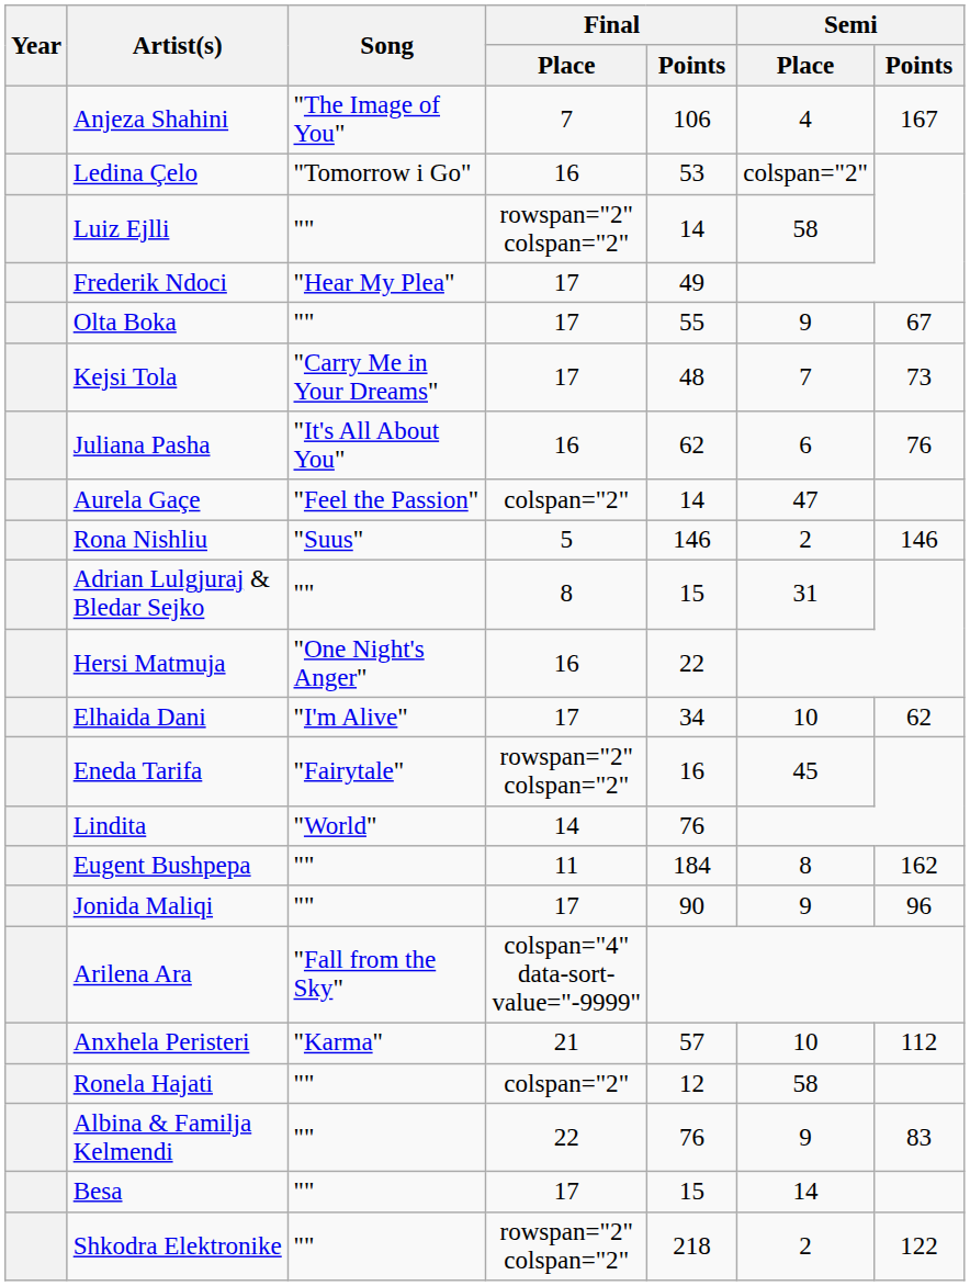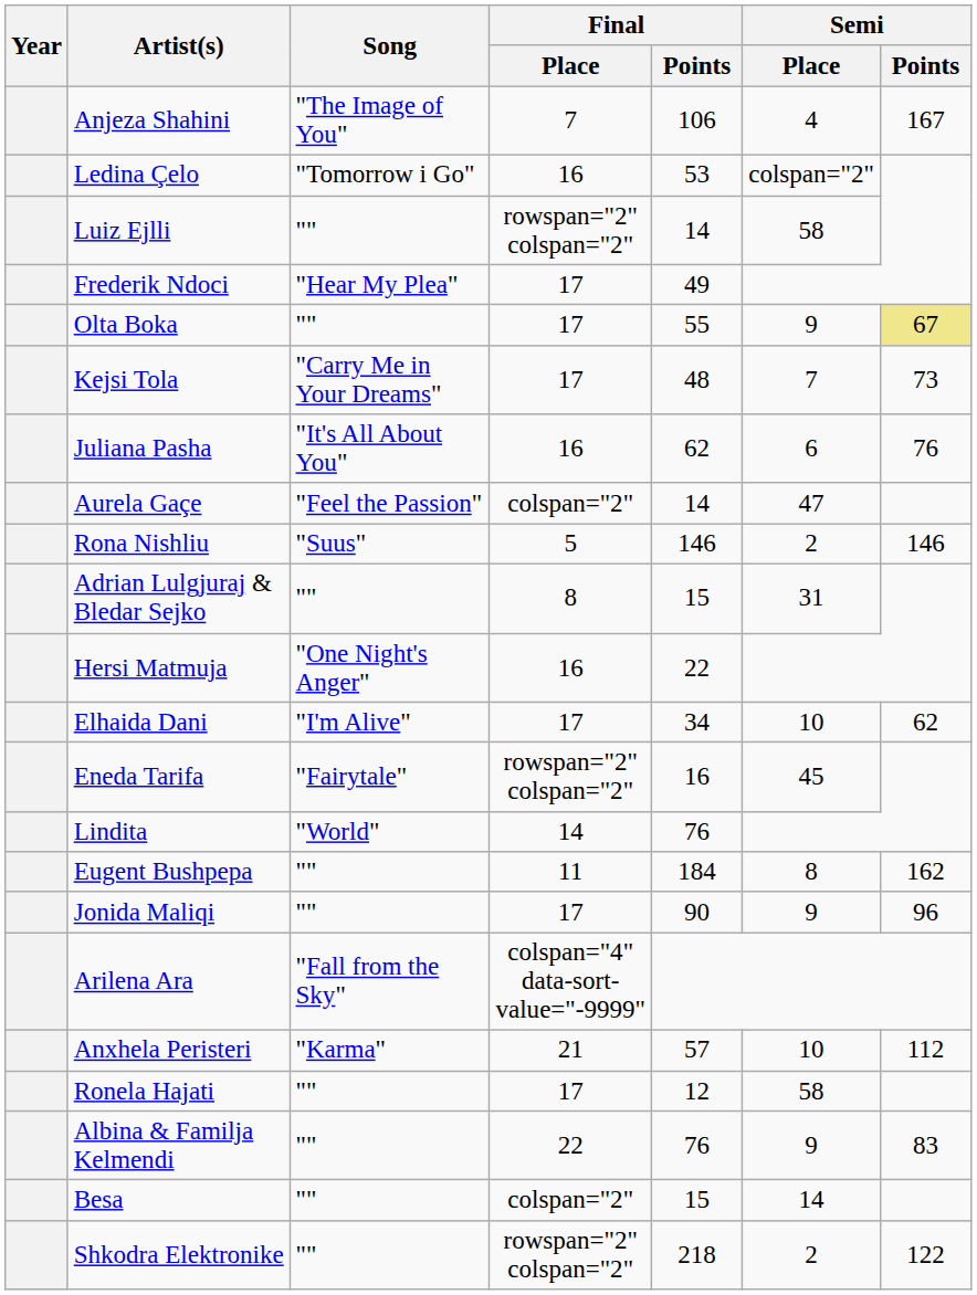 <table class="wikitable sortable" style="text-align:center;">
 <tr>
 <th rowspan="2">Year</th>
 <th rowspan="2">Artist(s)</th>
 <th rowspan="2">Song</th>
 <th colspan="2">Final</th>
 <th colspan="2">Semi</th>
 </tr>
 <tr>
 <th style="width:50px;">Place</th>
 <th style="width:50px;">Points</th>
 <th style="width:50px;">Place</th>
 <th style="width:50px;">Points</th>
 </tr>
 <tr>
 <th></th>
 <td style="text-align:left;"><a href='#'>Anjeza Shahini</a></td>
 <td style="text-align:left;">"<a href='#'>The Image of You</a>"</td>
 <td>7</td>
 <td>106</td>
 <td>4</td>
 <td>167</td>
 </tr>
 <tr>
 <th></th>
 <td style="text-align:left;"><a href='#'>Ledina Çelo</a></td>
 <td style="text-align:left;">"Tomorrow i Go"</td>
 <td>16</td>
 <td>53</td>
 <td>colspan="2" </td>
 </tr>
 <tr>
 <th></th>
 <td style="text-align:left;"><a href='#'>Luiz Ejlli</a></td>
 <td style="text-align:left;">""</td>
 <td>rowspan="2" colspan="2" </td>
 <td>14</td>
 <td>58</td>
 </tr>
 <tr>
 <th></th>
 <td style="text-align:left;"><a href='#'>Frederik Ndoci</a></td>
 <td style="text-align:left;">"<a href='#'>Hear My Plea</a>"</td>
 <td>17</td>
 <td>49</td>
 </tr>
 <tr>
 <th></th>
 <td style="text-align:left;"><a href='#'>Olta Boka</a></td>
 <td style="text-align:left;">""</td>
 <td>17</td>
 <td>55</td>
 <td>9</td>
-<td>67</td>
+<td style="background: khaki;">67</td>
 </tr>
 <tr>
 <th></th>
 <td style="text-align:left;"><a href='#'>Kejsi Tola</a></td>
 <td style="text-align:left;">"<a href='#'>Carry Me in Your Dreams</a>"</td>
 <td>17</td>
 <td>48</td>
 <td>7</td>
 <td>73</td>
 </tr>
 <tr>
 <th></th>
 <td style="text-align:left;"><a href='#'>Juliana Pasha</a></td>
 <td style="text-align:left;">"<a href='#'>It's All About You</a>"</td>
 <td>16</td>
 <td>62</td>
 <td>6</td>
 <td>76</td>
 </tr>
 <tr>
 <th></th>
 <td style="text-align:left;"><a href='#'>Aurela Gaçe</a></td>
 <td style="text-align:left;">"<a href='#'>Feel the Passion</a>"</td>
 <td>colspan="2" </td>
 <td>14</td>
 <td>47</td>
 </tr>
 <tr>
 <th></th>
 <td style="text-align:left;"><a href='#'>Rona Nishliu</a></td>
 <td style="text-align:left;">"<a href='#'>Suus</a>"</td>
 <td>5</td>
 <td>146</td>
 <td>2</td>
 <td>146</td>
 </tr>
 <tr>
 <th></th>
 <td style="text-align:left;"><a href='#'>Adrian Lulgjuraj</a> & <a href='#'>Bledar Sejko</a></td>
 <td style="text-align:left;">""</td>
 <td>8</td>
 <td>15</td>
 <td>31</td>
 </tr>
 <tr>
 <th></th>
 <td style="text-align:left;"><a href='#'>Hersi Matmuja</a></td>
 <td style="text-align:left;">"<a href='#'>One Night's Anger</a>"</td>
 <td>16</td>
 <td>22</td>
 </tr>
 <tr>
 <th></th>
 <td style="text-align:left;"><a href='#'>Elhaida Dani</a></td>
 <td style="text-align:left;">"<a href='#'>I'm Alive</a>"</td>
 <td>17</td>
 <td>34</td>
 <td>10</td>
 <td>62</td>
 </tr>
 <tr>
 <th></th>
 <td style="text-align:left;"><a href='#'>Eneda Tarifa</a></td>
 <td style="text-align:left;">"<a href='#'>Fairytale</a>"</td>
 <td>rowspan="2" colspan="2" </td>
 <td>16</td>
 <td>45</td>
 </tr>
 <tr>
 <th></th>
 <td style="text-align:left;"><a href='#'>Lindita</a></td>
 <td style="text-align:left;">"<a href='#'>World</a>"</td>
 <td>14</td>
 <td>76</td>
 </tr>
 <tr>
 <th></th>
 <td style="text-align:left;"><a href='#'>Eugent Bushpepa</a></td>
 <td style="text-align:left;">""</td>
 <td>11</td>
 <td>184</td>
 <td>8</td>
 <td>162</td>
 </tr>
 <tr>
 <th></th>
 <td style="text-align:left;"><a href='#'>Jonida Maliqi</a></td>
 <td style="text-align:left;">""</td>
 <td align=center>17</td>
 <td>90</td>
 <td>9</td>
 <td>96</td>
 </tr>
 <tr>
 <th></th>
 <td style="text-align:left;"><a href='#'>Arilena Ara</a></td>
 <td style="text-align:left;">"<a href='#'>Fall from the Sky</a>"</td>
 <td>colspan="4" data-sort-value="-9999" </td>
 </tr>
 <tr>
 <th></th>
 <td style="text-align:left;"><a href='#'>Anxhela Peristeri</a></td>
 <td style="text-align:left;">"<a href='#'>Karma</a>"</td>
 <td align=center>21</td>
 <td>57</td>
 <td>10</td>
 <td>112</td>
 </tr>
 <tr>
 <th></th>
 <td style="text-align:left;"><a href='#'>Ronela Hajati</a></td>
 <td style="text-align:left;">""</td>
-<td>colspan="2" </td>
+<td>17</td>
 <td>12</td>
 <td>58</td>
 </tr>
 <tr>
 <th></th>
 <td style="text-align:left;"><a href='#'>Albina & Familja Kelmendi</a></td>
 <td style="text-align:left;">""</td>
 <td align=center>22</td>
 <td>76</td>
 <td>9</td>
 <td>83</td>
 </tr>
 <tr>
 <th></th>
 <td style="text-align:left;"><a href='#'>Besa</a></td>
 <td style="text-align:left;">""</td>
-<td>17</td>
+<td>colspan="2" </td>
 <td>15</td>
 <td>14</td>
 </tr>
 <tr>
 <th></th>
 <td style="text-align:left;"><a href='#'>Shkodra Elektronike</a></td>
 <td style="text-align:left;">""</td>
 <td>rowspan="2" colspan="2" </td>
 <td>218</td>
 <td>2</td>
 <td>122</td>
 </tr>
 </table>
